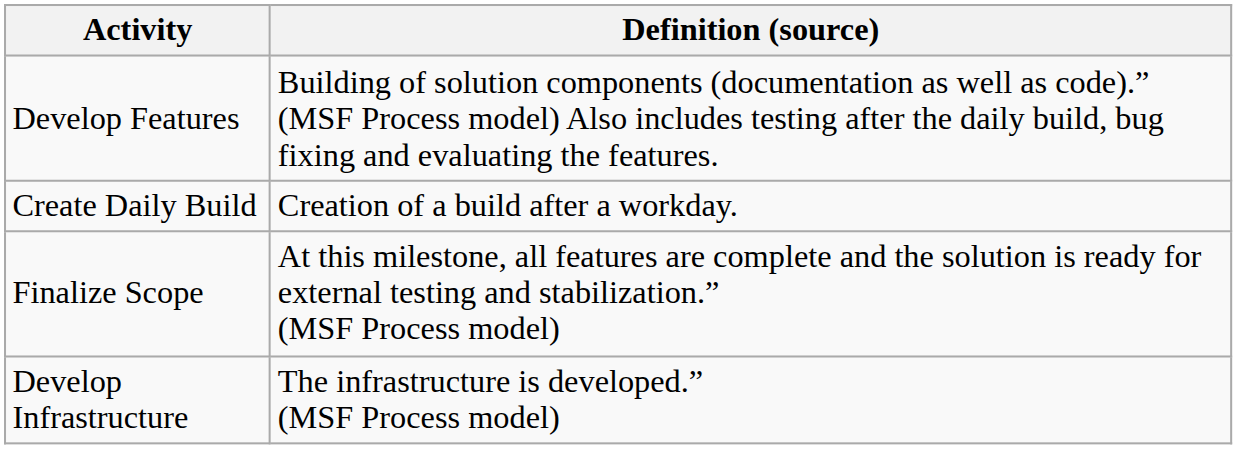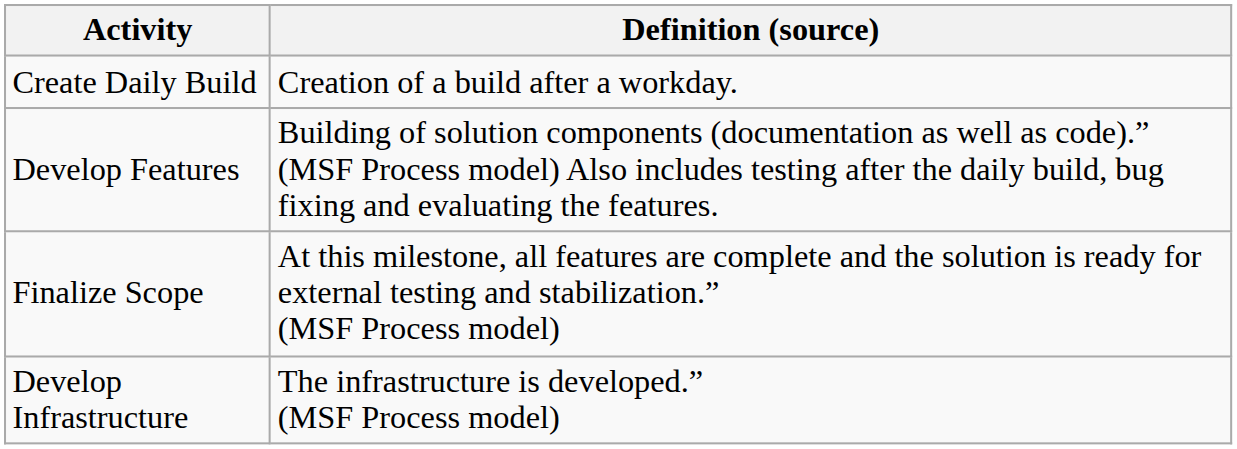 <table class="wikitable">
 <tr>
 <th>Activity</th>
 <th>Definition (source)</th>
 </tr>
 <tr>
+<td>Create Daily Build</td>
+<td>Creation of a build after a workday.</td>
+</tr>
+<tr>
 <td>Develop Features</td>
 <td>Building of solution components (documentation as well as code).”<br>(MSF Process model) Also includes testing after the daily build, bug fixing and evaluating the features.</td>
-</tr>
-<tr>
-<td>Create Daily Build</td>
-<td>Creation of a build after a workday.</td>
 </tr>
 <tr>
 <td>Finalize Scope</td>
 <td>At this milestone, all features are complete and the solution is ready for external testing and stabilization.”<br>(MSF Process model)</td>
 </tr>
 <tr>
 <td>Develop Infrastructure</td>
 <td>The infrastructure is developed.”<br>(MSF Process model)</td>
 </tr>
 </table>
